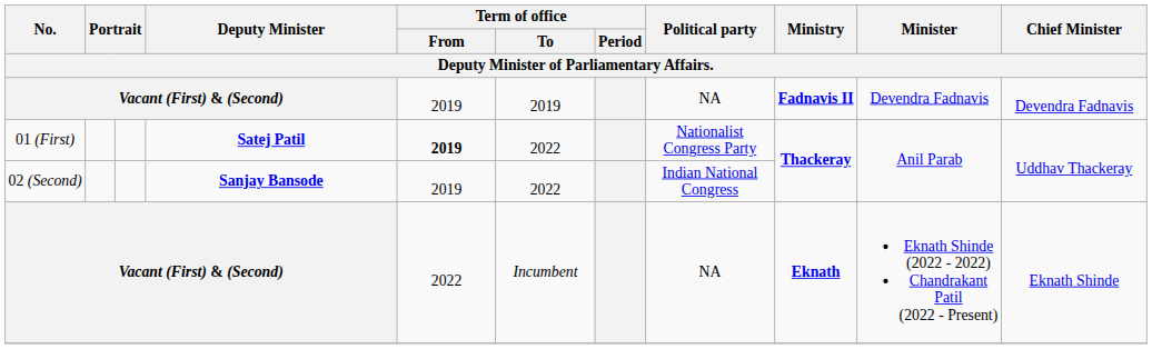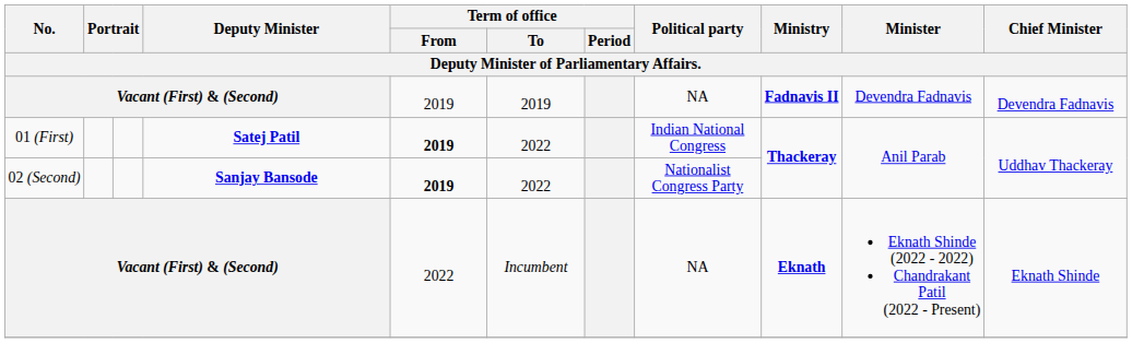 <table class="wikitable" style="text-align:center">
 <tr>
 <th rowspan="2">No.</th>
 <th rowspan="2" colspan="2">Portrait</th>
 <th rowspan="2" style="width:16em">Deputy Minister<br></th>
 <th colspan="3">Term of office</th>
 <th rowspan="2" style="width:8em">Political party</th>
 <th rowspan="2">Ministry</th>
 <th rowspan="2" style="width:9em">Minister</th>
 <th rowspan="2" style="width:9em">Chief Minister</th>
 </tr>
 <tr>
 <th style="width:6em">From</th>
 <th style="width:6em">To</th>
 <th>Period</th>
 </tr>
 <tr>
 <th colspan="11">Deputy Minister of Parliamentary Affairs.</th>
 </tr>
 <tr>
 <th colspan="04"><strong><em>Vacant</em></strong> <em>(First)</em> & <em>(Second)</em></th>
 <td><br>2019</td>
 <td><br>2019</td>
 <th></th>
 <td>NA</td>
 <td rowspan="1"><a href='#'><strong>Fadnavis II</strong></a></td>
 <td><a href='#'>Devendra Fadnavis</a></td>
 <td rowspan="1"> <br><a href='#'>Devendra Fadnavis</a></td>
 </tr>
 <tr>
 <td>01 <em>(First)</em></td>
 <td style="color:inherit;background:"></td>
 <td></td>
 <td><strong><a href='#'>Satej Patil</a></strong> <br> </td>
 <td><strong><br>2019</strong></td>
 <td><br>2022</td>
 <th></th>
-<td><a href='#'>Nationalist Congress Party</a></td>
+<td><a href='#'>Indian National Congress</a></td>
 <td rowspan="2"><a href='#'><strong>Thackeray</strong></a></td>
 <td rowspan="2"><a href='#'>Anil Parab</a></td>
 <td rowspan="2"> <br><a href='#'>Uddhav Thackeray</a></td>
 </tr>
 <tr>
 <td>02 <em>(Second)</em></td>
 <td style="color:inherit;background:"></td>
 <td></td>
 <td><strong><a href='#'>Sanjay Bansode</a></strong> <br> </td>
-<td><br>2019</td>
+<td><strong><br>2019</strong></td>
 <td><br>2022</td>
 <th></th>
-<td><a href='#'>Indian National Congress</a></td>
+<td><a href='#'>Nationalist Congress Party</a></td>
 </tr>
 <tr>
 <th colspan="04"><strong><em>Vacant </em></strong> <em>(First)</em> & <em>(Second)</em></th>
 <td><br>2022</td>
 <td><em>Incumbent</em></td>
 <th></th>
 <td>NA</td>
 <td rowspan="1"><a href='#'><strong>Eknath</strong></a></td>
 <td><br><ul><li><a href='#'>Eknath Shinde</a><br>(2022 - 2022)</li><li><a href='#'>Chandrakant Patil</a><br> (2022 - Present)</li></ul></td>
 <td rowspan="1"> <br><a href='#'>Eknath Shinde</a></td>
 </tr>
 <tr>
 </tr>
 </table>
